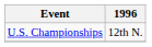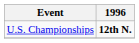 <table class="wikitable">
 <tr>
 <th>Event</th>
 <th>1996</th>
 </tr>
 <tr>
 <td><a href='#'>U.S. Championships</a></td>
-<td align="center">12th N.</td>
+<td align="center"><strong>12th N.</strong></td>
 </tr>
 <tr>
 </tr>
 </table>
